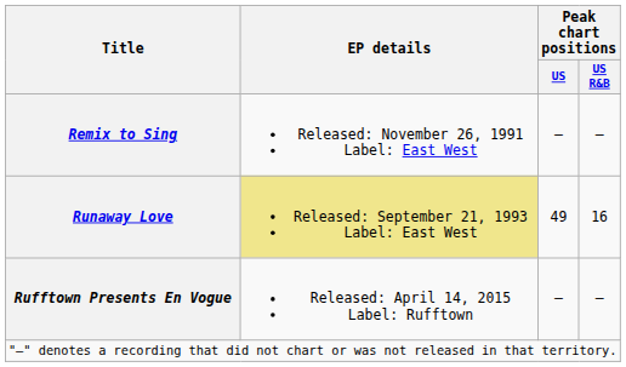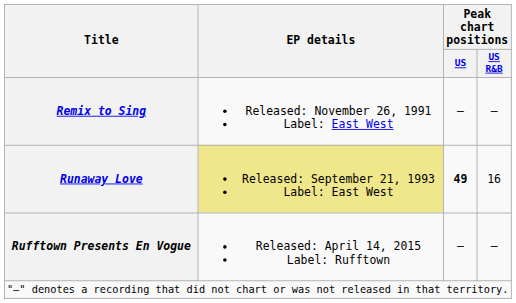 <table class="wikitable plainrowheaders" style="text-align:center;" border="1">
 <tr>
 <th rowspan="2">Title</th>
 <th rowspan="2">EP details</th>
 <th colspan="2">Peak chart positions</th>
 </tr>
 <tr style="font-size:smaller;">
 <th width="30"><a href='#'>US</a><br></th>
 <th width="30"><a href='#'>US R&B</a><br></th>
 </tr>
 <tr>
 <th scope="row"><em><a href='#'>Remix to Sing</a></em></th>
 <td><br><ul><li>Released: November 26, 1991</li><li>Label: <a href='#'>East West</a></li></ul></td>
 <td>—</td>
 <td>—</td>
 </tr>
 <tr>
 <th scope="row"><em><a href='#'>Runaway Love</a></em></th>
 <td style="background: khaki;"><br><ul><li>Released: September 21, 1993</li><li>Label: East West</li></ul></td>
-<td>49</td>
+<td><strong>49</strong></td>
 <td>16</td>
 </tr>
 <tr>
 <th scope="row"><em>Rufftown Presents En Vogue</em></th>
 <td><br><ul><li>Released: April 14, 2015</li><li>Label: Rufftown</li></ul></td>
 <td>—</td>
 <td>—</td>
 </tr>
 <tr>
 <td align="center" colspan="21" style="font-size:90%">"—" denotes a recording that did not chart or was not released in that territory.</td>
 </tr>
 </table>
